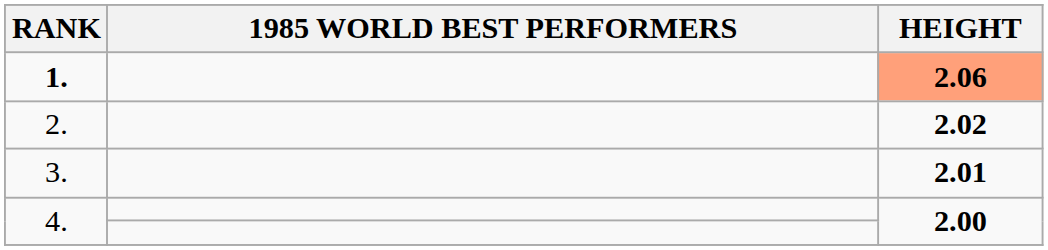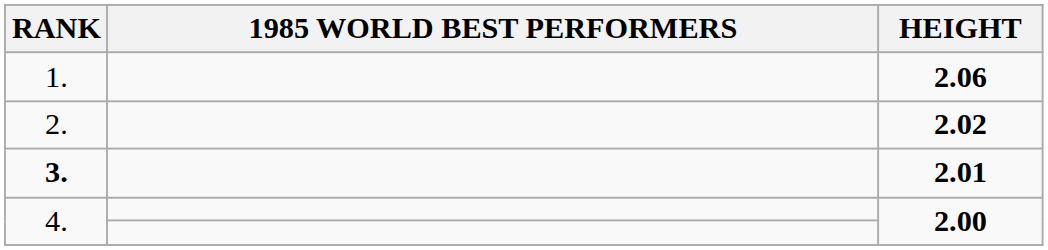 <table class="wikitable sortable">
 <tr>
 <th>RANK</th>
 <th align="center" style="width: 25em">1985 WORLD BEST PERFORMERS</th>
 <th align="center" style="width: 5em">HEIGHT</th>
 </tr>
 <tr>
-<td align="center"><strong>1.</strong></td>
+<td align="center">1.</td>
 <td></td>
-<td align="center" style="background: lightsalmon;"><strong>2.06</strong></td>
+<td align="center"><strong>2.06</strong></td>
 </tr>
 <tr>
 <td align="center">2.</td>
 <td></td>
 <td align="center"><strong>2.02</strong></td>
 </tr>
 <tr>
-<td align="center">3.</td>
+<td align="center"><strong>3.</strong></td>
 <td></td>
 <td align="center"><strong>2.01</strong></td>
 </tr>
 <tr>
 <td rowspan=2 align="center">4.</td>
 <td></td>
 <td rowspan=2 align="center"><strong>2.00</strong></td>
 </tr>
 <tr>
 <td></td>
 </tr>
 </table>
